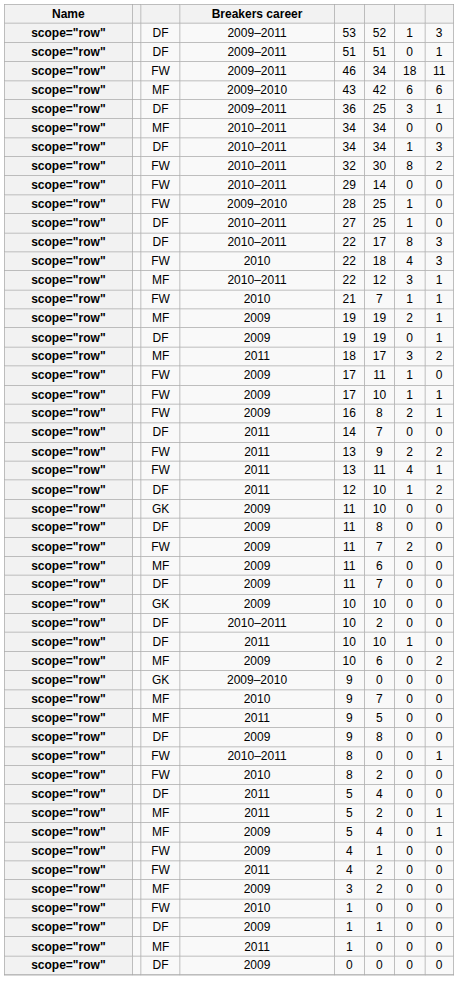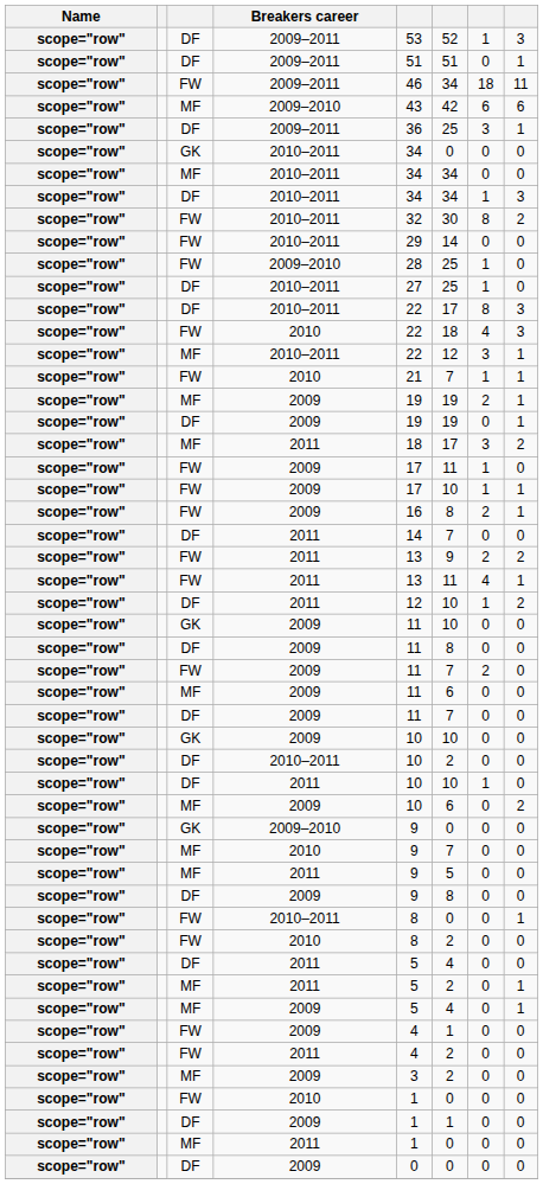 <table class="wikitable sortable" style="text-align:center;width:600px;">
 <tr>
 <th scope="col">Name</th>
 <th scope="col"></th>
 <th scope="col"></th>
 <th scope="col">Breakers career</th>
 <th scope="col"></th>
 <th scope="col"></th>
 <th scope="col"></th>
 <th scope="col"></th>
 </tr>
 <tr>
 <th>scope="row" </th>
 <td></td>
 <td>DF</td>
 <td>2009–2011</td>
 <td>53</td>
 <td>52</td>
 <td>1</td>
 <td>3</td>
 </tr>
 <tr>
 <th>scope="row" </th>
 <td></td>
 <td>DF</td>
 <td>2009–2011</td>
 <td>51</td>
 <td>51</td>
 <td>0</td>
 <td>1</td>
 </tr>
 <tr>
 <th>scope="row" </th>
 <td></td>
 <td>FW</td>
 <td>2009–2011</td>
 <td>46</td>
 <td>34</td>
 <td>18</td>
 <td>11</td>
 </tr>
 <tr>
 <th>scope="row" </th>
 <td></td>
 <td>MF</td>
 <td>2009–2010</td>
 <td>43</td>
 <td>42</td>
 <td>6</td>
 <td>6</td>
 </tr>
 <tr>
 <th>scope="row" </th>
 <td></td>
 <td>DF</td>
 <td>2009–2011</td>
 <td>36</td>
 <td>25</td>
 <td>3</td>
 <td>1</td>
+</tr>
+<tr>
+<th>scope="row" </th>
+<td></td>
+<td>GK</td>
+<td>2010–2011</td>
+<td>34</td>
+<td>0</td>
+<td>0</td>
+<td>0</td>
 </tr>
 <tr>
 <th>scope="row" </th>
 <td></td>
 <td>MF</td>
 <td>2010–2011</td>
 <td>34</td>
 <td>34</td>
 <td>0</td>
 <td>0</td>
 </tr>
 <tr>
 <th>scope="row" </th>
 <td></td>
 <td>DF</td>
 <td>2010–2011</td>
 <td>34</td>
 <td>34</td>
 <td>1</td>
 <td>3</td>
 </tr>
 <tr>
 <th>scope="row" </th>
 <td></td>
 <td>FW</td>
 <td>2010–2011</td>
 <td>32</td>
 <td>30</td>
 <td>8</td>
 <td>2</td>
 </tr>
 <tr>
 <th>scope="row" </th>
 <td></td>
 <td>FW</td>
 <td>2010–2011</td>
 <td>29</td>
 <td>14</td>
 <td>0</td>
 <td>0</td>
 </tr>
 <tr>
 <th>scope="row" </th>
 <td></td>
 <td>FW</td>
 <td>2009–2010</td>
 <td>28</td>
 <td>25</td>
 <td>1</td>
 <td>0</td>
 </tr>
 <tr>
 <th>scope="row" </th>
 <td></td>
 <td>DF</td>
 <td>2010–2011</td>
 <td>27</td>
 <td>25</td>
 <td>1</td>
 <td>0</td>
 </tr>
 <tr>
 <th>scope="row" </th>
 <td></td>
 <td>DF</td>
 <td>2010–2011</td>
 <td>22</td>
 <td>17</td>
 <td>8</td>
 <td>3</td>
 </tr>
 <tr>
 <th>scope="row" </th>
 <td></td>
 <td>FW</td>
 <td>2010</td>
 <td>22</td>
 <td>18</td>
 <td>4</td>
 <td>3</td>
 </tr>
 <tr>
 <th>scope="row" </th>
 <td></td>
 <td>MF</td>
 <td>2010–2011</td>
 <td>22</td>
 <td>12</td>
 <td>3</td>
 <td>1</td>
 </tr>
 <tr>
 <th>scope="row" </th>
 <td></td>
 <td>FW</td>
 <td>2010</td>
 <td>21</td>
 <td>7</td>
 <td>1</td>
 <td>1</td>
 </tr>
 <tr>
 <th>scope="row" </th>
 <td></td>
 <td>MF</td>
 <td>2009</td>
 <td>19</td>
 <td>19</td>
 <td>2</td>
 <td>1</td>
 </tr>
 <tr>
 <th>scope="row" </th>
 <td></td>
 <td>DF</td>
 <td>2009</td>
 <td>19</td>
 <td>19</td>
 <td>0</td>
 <td>1</td>
 </tr>
 <tr>
 <th>scope="row" </th>
 <td></td>
 <td>MF</td>
 <td>2011</td>
 <td>18</td>
 <td>17</td>
 <td>3</td>
 <td>2</td>
 </tr>
 <tr>
 <th>scope="row" </th>
 <td></td>
 <td>FW</td>
 <td>2009</td>
 <td>17</td>
 <td>11</td>
 <td>1</td>
 <td>0</td>
 </tr>
 <tr>
 <th>scope="row" </th>
 <td></td>
 <td>FW</td>
 <td>2009</td>
 <td>17</td>
 <td>10</td>
 <td>1</td>
 <td>1</td>
 </tr>
 <tr>
 <th>scope="row" </th>
 <td></td>
 <td>FW</td>
 <td>2009</td>
 <td>16</td>
 <td>8</td>
 <td>2</td>
 <td>1</td>
 </tr>
 <tr>
 <th>scope="row" </th>
 <td></td>
 <td>DF</td>
 <td>2011</td>
 <td>14</td>
 <td>7</td>
 <td>0</td>
 <td>0</td>
 </tr>
 <tr>
 <th>scope="row" </th>
 <td></td>
 <td>FW</td>
 <td>2011</td>
 <td>13</td>
 <td>9</td>
 <td>2</td>
 <td>2</td>
 </tr>
 <tr>
 <th>scope="row" </th>
 <td></td>
 <td>FW</td>
 <td>2011</td>
 <td>13</td>
 <td>11</td>
 <td>4</td>
 <td>1</td>
 </tr>
 <tr>
 <th>scope="row" </th>
 <td></td>
 <td>DF</td>
 <td>2011</td>
 <td>12</td>
 <td>10</td>
 <td>1</td>
 <td>2</td>
 </tr>
 <tr>
 <th>scope="row" </th>
 <td></td>
 <td>GK</td>
 <td>2009</td>
 <td>11</td>
 <td>10</td>
 <td>0</td>
 <td>0</td>
 </tr>
 <tr>
 <th>scope="row" </th>
 <td></td>
 <td>DF</td>
 <td>2009</td>
 <td>11</td>
 <td>8</td>
 <td>0</td>
 <td>0</td>
 </tr>
 <tr>
 <th>scope="row" </th>
 <td></td>
 <td>FW</td>
 <td>2009</td>
 <td>11</td>
 <td>7</td>
 <td>2</td>
 <td>0</td>
 </tr>
 <tr>
 <th>scope="row" </th>
 <td></td>
 <td>MF</td>
 <td>2009</td>
 <td>11</td>
 <td>6</td>
 <td>0</td>
 <td>0</td>
 </tr>
 <tr>
 <th>scope="row" </th>
 <td></td>
 <td>DF</td>
 <td>2009</td>
 <td>11</td>
 <td>7</td>
 <td>0</td>
 <td>0</td>
 </tr>
 <tr>
 <th>scope="row" </th>
 <td></td>
 <td>GK</td>
 <td>2009</td>
 <td>10</td>
 <td>10</td>
 <td>0</td>
 <td>0</td>
 </tr>
 <tr>
 <th>scope="row" </th>
 <td></td>
 <td>DF</td>
 <td>2010–2011</td>
 <td>10</td>
 <td>2</td>
 <td>0</td>
 <td>0</td>
 </tr>
 <tr>
 <th>scope="row" </th>
 <td></td>
 <td>DF</td>
 <td>2011</td>
 <td>10</td>
 <td>10</td>
 <td>1</td>
 <td>0</td>
 </tr>
 <tr>
 <th>scope="row" </th>
 <td></td>
 <td>MF</td>
 <td>2009</td>
 <td>10</td>
 <td>6</td>
 <td>0</td>
 <td>2</td>
 </tr>
 <tr>
 <th>scope="row" </th>
 <td></td>
 <td>GK</td>
 <td>2009–2010</td>
 <td>9</td>
 <td>0</td>
 <td>0</td>
 <td>0</td>
 </tr>
 <tr>
 <th>scope="row" </th>
 <td></td>
 <td>MF</td>
 <td>2010</td>
 <td>9</td>
 <td>7</td>
 <td>0</td>
 <td>0</td>
 </tr>
 <tr>
 <th>scope="row" </th>
 <td></td>
 <td>MF</td>
 <td>2011</td>
 <td>9</td>
 <td>5</td>
 <td>0</td>
 <td>0</td>
 </tr>
 <tr>
 <th>scope="row" </th>
 <td></td>
 <td>DF</td>
 <td>2009</td>
 <td>9</td>
 <td>8</td>
 <td>0</td>
 <td>0</td>
 </tr>
 <tr>
 <th>scope="row" </th>
 <td></td>
 <td>FW</td>
 <td>2010–2011</td>
 <td>8</td>
 <td>0</td>
 <td>0</td>
 <td>1</td>
 </tr>
 <tr>
 <th>scope="row" </th>
 <td></td>
 <td>FW</td>
 <td>2010</td>
 <td>8</td>
 <td>2</td>
 <td>0</td>
 <td>0</td>
 </tr>
 <tr>
 <th>scope="row" </th>
 <td></td>
 <td>DF</td>
 <td>2011</td>
 <td>5</td>
 <td>4</td>
 <td>0</td>
 <td>0</td>
 </tr>
 <tr>
 <th>scope="row" </th>
 <td></td>
 <td>MF</td>
 <td>2011</td>
 <td>5</td>
 <td>2</td>
 <td>0</td>
 <td>1</td>
 </tr>
 <tr>
 <th>scope="row" </th>
 <td></td>
 <td>MF</td>
 <td>2009</td>
 <td>5</td>
 <td>4</td>
 <td>0</td>
 <td>1</td>
 </tr>
 <tr>
 <th>scope="row" </th>
 <td></td>
 <td>FW</td>
 <td>2009</td>
 <td>4</td>
 <td>1</td>
 <td>0</td>
 <td>0</td>
 </tr>
 <tr>
 <th>scope="row" </th>
 <td></td>
 <td>FW</td>
 <td>2011</td>
 <td>4</td>
 <td>2</td>
 <td>0</td>
 <td>0</td>
 </tr>
 <tr>
 <th>scope="row" </th>
 <td></td>
 <td>MF</td>
 <td>2009</td>
 <td>3</td>
 <td>2</td>
 <td>0</td>
 <td>0</td>
 </tr>
 <tr>
 <th>scope="row" </th>
 <td></td>
 <td>FW</td>
 <td>2010</td>
 <td>1</td>
 <td>0</td>
 <td>0</td>
 <td>0</td>
 </tr>
 <tr>
 <th>scope="row" </th>
 <td></td>
 <td>DF</td>
 <td>2009</td>
 <td>1</td>
 <td>1</td>
 <td>0</td>
 <td>0</td>
 </tr>
 <tr>
 <th>scope="row" </th>
 <td></td>
 <td>MF</td>
 <td>2011</td>
 <td>1</td>
 <td>0</td>
 <td>0</td>
 <td>0</td>
 </tr>
 <tr>
 <th>scope="row" </th>
 <td></td>
 <td>DF</td>
 <td>2009</td>
 <td>0</td>
 <td>0</td>
 <td>0</td>
 <td>0</td>
 </tr>
 <tr>
 </tr>
 </table>
